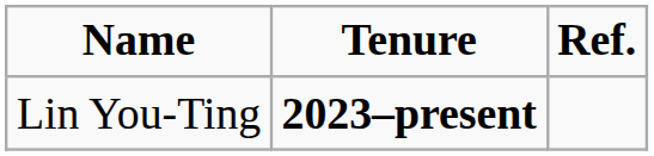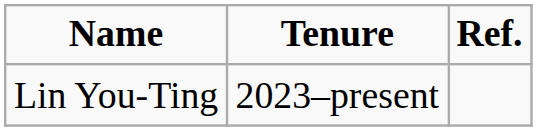 <table class="wikitable" style="text-align:center">
 <tr style="font-weight:bold;">
 <td>Name</td>
 <td>Tenure</td>
 <td>Ref.</td>
 </tr>
 <tr>
 <td>Lin You-Ting</td>
-<td><strong>2023–present</strong></td>
+<td>2023–present</td>
 <td></td>
 </tr>
 </table>
